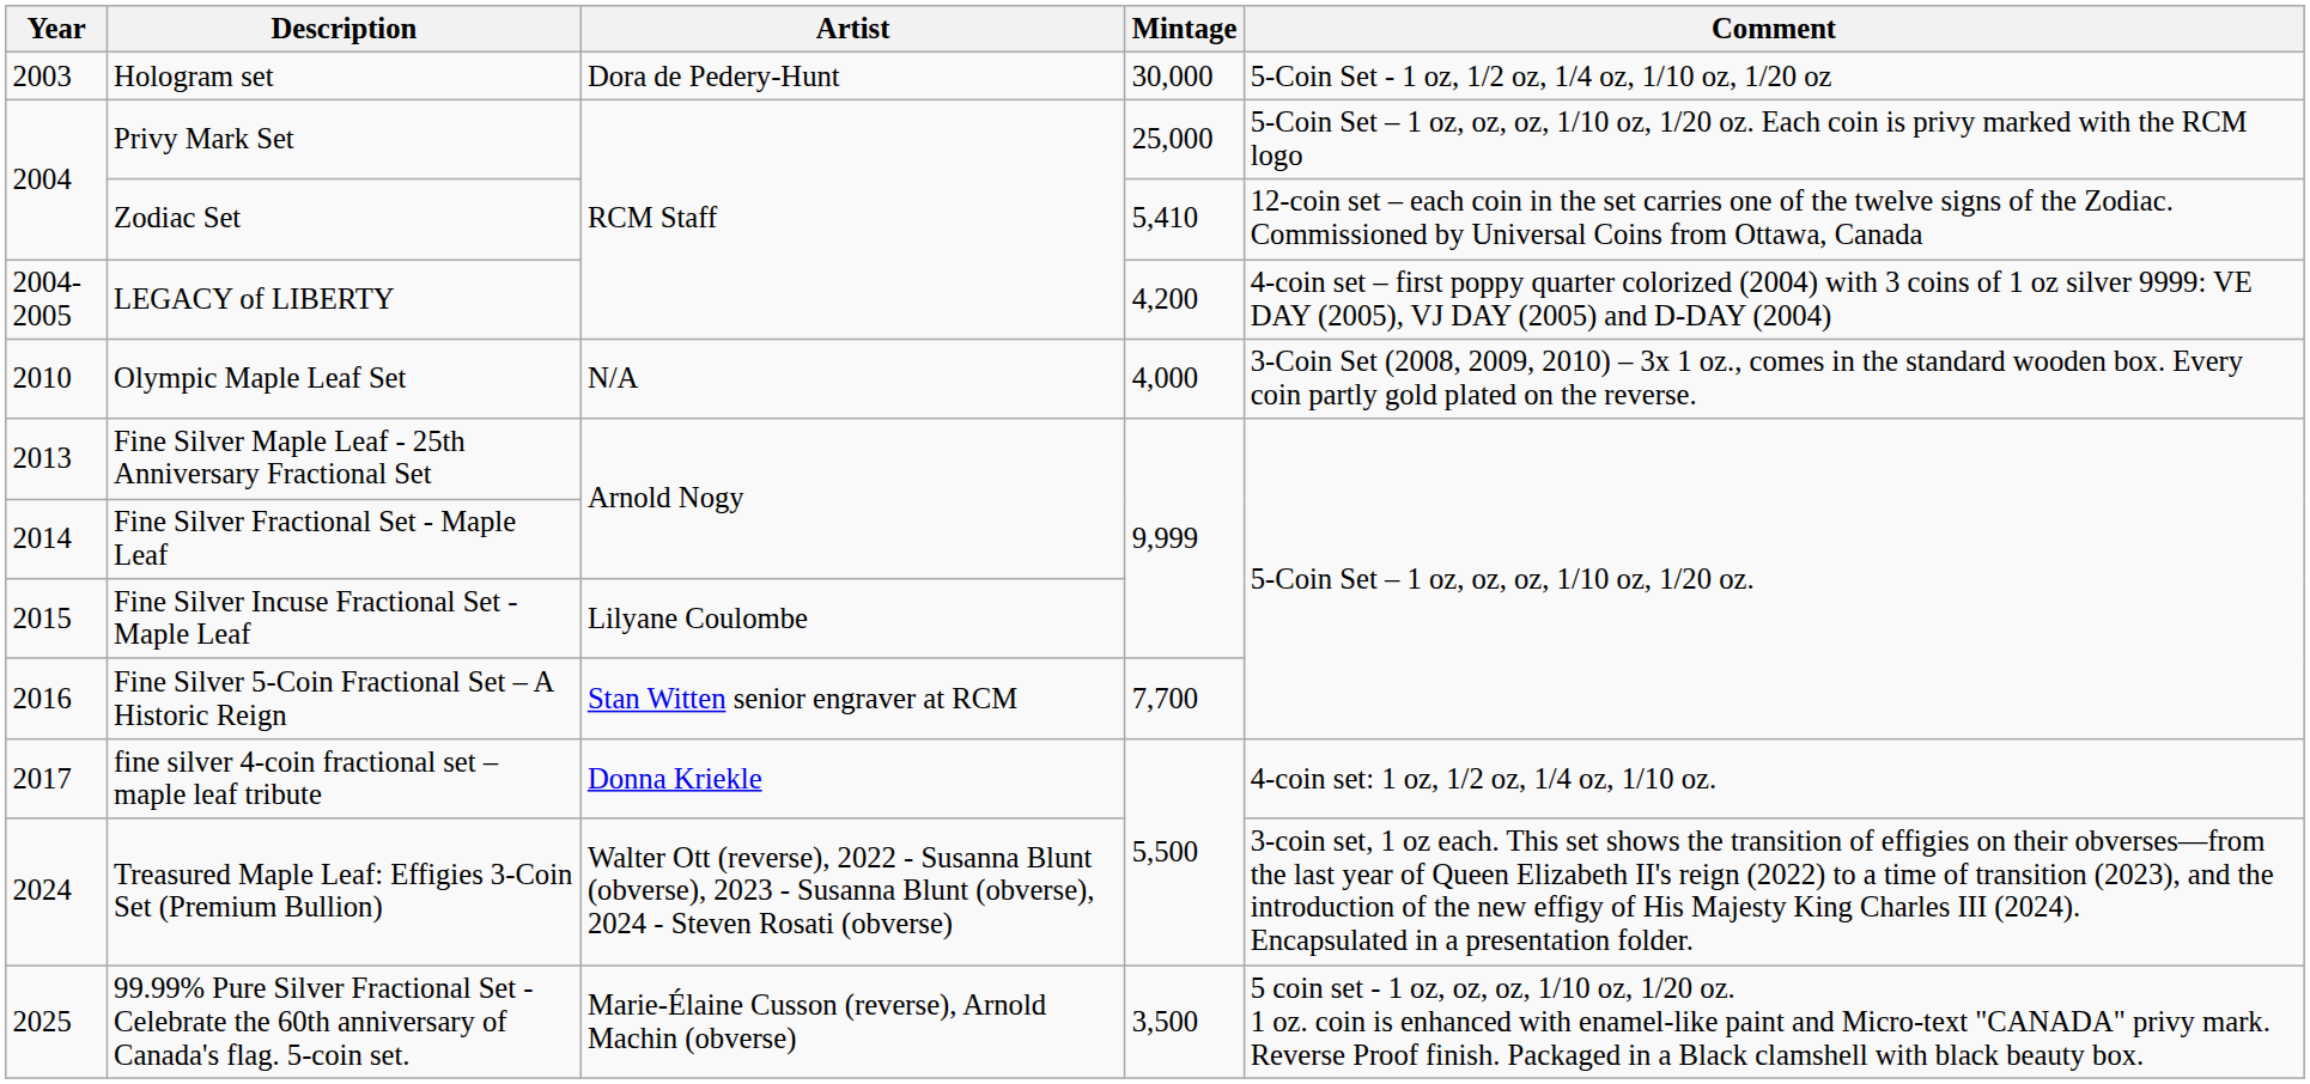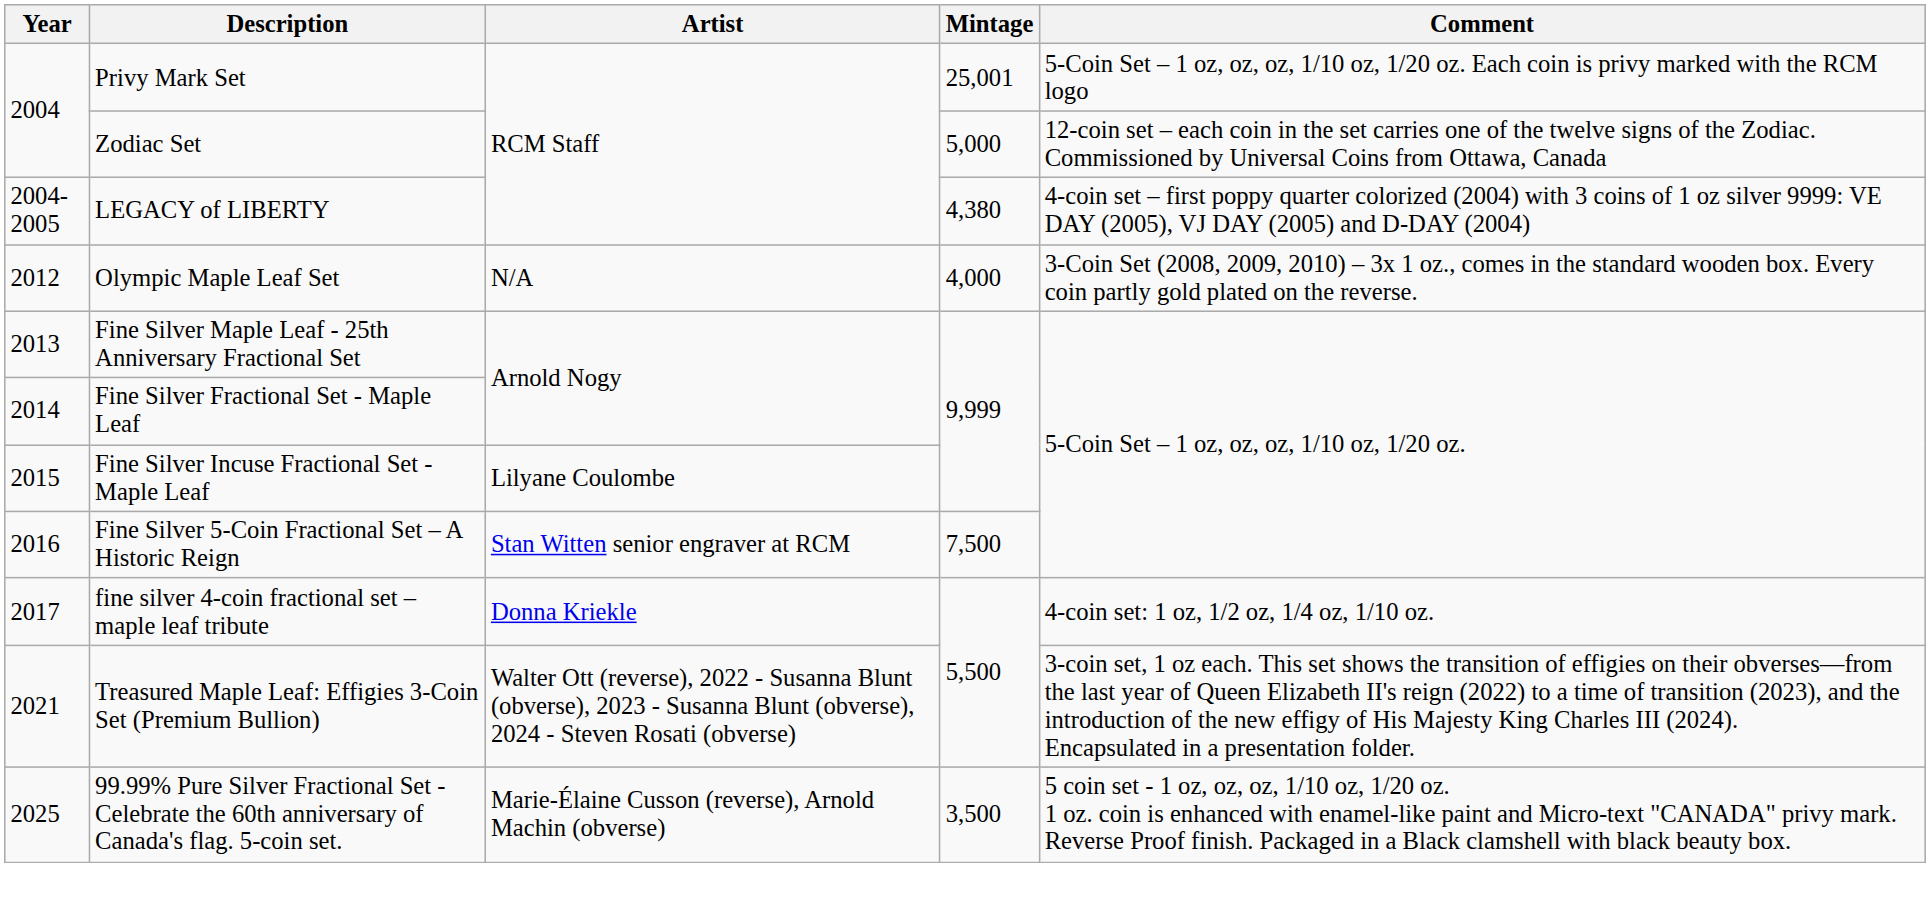 <table class="wikitable">
 <tr>
 <th>Year</th>
 <th>Description</th>
 <th>Artist</th>
 <th>Mintage</th>
 <th>Comment</th>
 </tr>
 <tr>
-<td>2003</td>
-<td>Hologram set</td>
-<td>Dora de Pedery-Hunt</td>
-<td>30,000</td>
-<td>5-Coin Set - 1 oz, 1/2 oz, 1/4 oz, 1/10 oz, 1/20 oz</td>
-</tr>
-<tr>
 <td rowspan="2">2004</td>
 <td>Privy Mark Set</td>
 <td rowspan="3">RCM Staff</td>
-<td>25,000</td>
+<td>25,001</td>
 <td>5-Coin Set – 1 oz,  oz,  oz, 1/10 oz, 1/20 oz. Each coin is privy marked with the RCM logo</td>
 </tr>
 <tr>
 <td>Zodiac Set</td>
-<td>5,410</td>
+<td>5,000</td>
 <td>12-coin set – each coin in the set carries one of the twelve signs of the Zodiac. Commissioned by Universal Coins from Ottawa, Canada</td>
 </tr>
 <tr>
 <td>2004-2005</td>
 <td>LEGACY of LIBERTY</td>
-<td>4,200</td>
+<td>4,380</td>
 <td>4-coin set – first poppy quarter colorized (2004) with 3 coins of 1 oz silver 9999: VE DAY (2005), VJ DAY (2005) and D-DAY (2004)</td>
 </tr>
 <tr>
-<td>2010</td>
+<td>2012</td>
 <td>Olympic Maple Leaf Set</td>
 <td>N/A</td>
 <td>4,000</td>
 <td>3-Coin Set (2008, 2009, 2010) – 3x 1 oz., comes in the standard wooden box. Every coin partly gold plated on the reverse.</td>
 </tr>
 <tr>
 <td>2013</td>
 <td>Fine Silver Maple Leaf - 25th Anniversary Fractional Set</td>
 <td rowspan="2">Arnold Nogy</td>
 <td rowspan="3">9,999</td>
 <td rowspan="4">5-Coin Set – 1 oz,  oz,  oz, 1/10 oz, 1/20 oz.</td>
 </tr>
 <tr>
 <td>2014</td>
 <td>Fine Silver Fractional Set - Maple Leaf</td>
 </tr>
 <tr>
 <td>2015</td>
 <td>Fine Silver Incuse Fractional Set - Maple Leaf</td>
 <td>Lilyane Coulombe</td>
 </tr>
 <tr>
 <td>2016</td>
 <td>Fine Silver 5-Coin Fractional Set – A Historic Reign</td>
 <td><a href='#'>Stan Witten</a> senior engraver at RCM</td>
-<td>7,700</td>
+<td>7,500</td>
 </tr>
 <tr>
 <td>2017</td>
 <td>fine silver 4-coin fractional set – maple leaf tribute</td>
 <td><a href='#'>Donna Kriekle</a></td>
 <td rowspan="2">5,500</td>
 <td>4-coin set: 1 oz, 1/2 oz, 1/4 oz, 1/10 oz.</td>
 </tr>
 <tr>
-<td>2024</td>
+<td>2021</td>
 <td>Treasured Maple Leaf: Effigies 3-Coin Set (Premium Bullion)</td>
 <td>Walter Ott (reverse), 2022 - Susanna Blunt (obverse), 2023 - Susanna Blunt (obverse), 2024 - Steven Rosati (obverse)</td>
 <td>3-coin set, 1 oz each. This set shows the transition of effigies on their obverses—from the last year of Queen Elizabeth II's reign (2022) to a time of transition (2023), and the introduction of the new effigy of His Majesty King Charles III (2024).<br>Encapsulated in a presentation folder.</td>
 </tr>
 <tr>
 <td>2025</td>
 <td>99.99% Pure Silver Fractional Set - Celebrate the 60th anniversary of Canada's flag. 5-coin set.</td>
 <td>Marie-Élaine Cusson (reverse), Arnold Machin (obverse)</td>
 <td>3,500</td>
 <td>5 coin set - 1 oz,  oz,  oz, 1/10 oz, 1/20 oz.<br>1 oz. coin is enhanced with enamel-like paint and Micro-text "CANADA" privy mark. Reverse Proof finish. Packaged in a Black clamshell with black beauty box.</td>
 </tr>
 </table>
